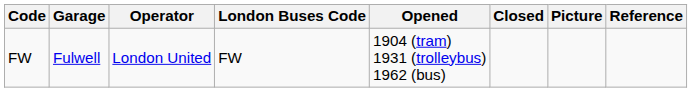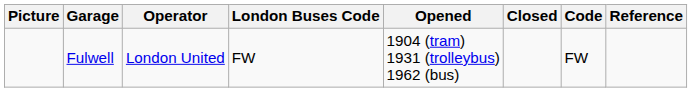 <table class="wikitable">
 <tr>
-<th>Code</th>
+<th>Picture</th>
 <th>Garage</th>
 <th>Operator</th>
 <th>London Buses Code</th>
 <th>Opened</th>
 <th>Closed</th>
-<th>Picture</th>
+<th>Code</th>
 <th>Reference</th>
 </tr>
 <tr>
-<td>FW</td>
+<td></td>
 <td><a href='#'>Fulwell</a></td>
 <td><a href='#'>London United</a></td>
 <td>FW</td>
 <td>1904 (<a href='#'>tram</a>)<br>1931 (<a href='#'>trolleybus</a>)<br>1962 (bus)</td>
 <td></td>
-<td></td>
+<td>FW</td>
 <td></td>
 </tr>
 </table>
